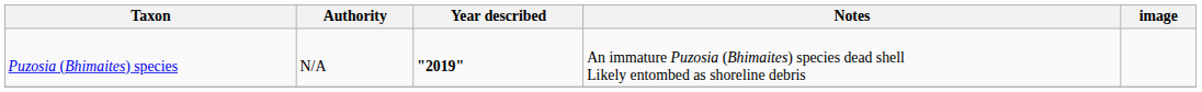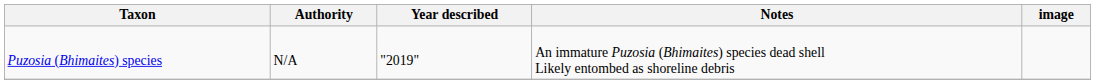 <table class="wikitable sortable" align="center" width="100%">
 <tr>
 <th>Taxon</th>
 <th>Authority</th>
 <th>Year described</th>
 <th>Notes</th>
 <th>image</th>
 </tr>
 <tr>
 <td><br><a href='#'><em>Puzosia</em> (<em>Bhimaites</em>) species</a></td>
 <td><br>N/A</td>
-<td><strong><br>"2019"</strong></td>
+<td><br>"2019"</td>
 <td><br>An immature <em>Puzosia</em> (<em>Bhimaites</em>) species dead shell<br> Likely entombed as shoreline debris</td>
 <td><br></td>
 </tr>
 <tr>
 </tr>
 </table>
